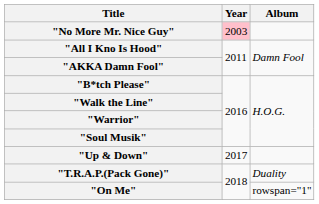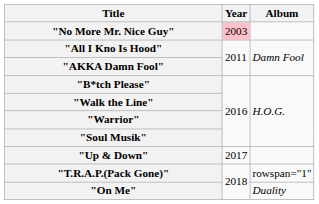 <table class="wikitable plainrowheaders">
 <tr>
 <th scope="col" style="width:19em;">Title</th>
 <th scope="col">Year</th>
 <th scope="col">Album</th>
 </tr>
 <tr>
 <th scope="row">"No More Mr. Nice Guy"</th>
 <td style="background: pink;">2003</td>
 <td></td>
 </tr>
 <tr>
 <th scope="row">"All I Kno Is Hood"</th>
 <td rowspan="2">2011</td>
 <td rowspan="2"><em>Damn Fool</em></td>
 </tr>
 <tr>
 <th scope="row">"AKKA Damn Fool"</th>
 </tr>
 <tr>
 <th scope="row">"B*tch Please"</th>
 <td rowspan="4">2016</td>
 <td rowspan="4"><em>H.O.G.</em></td>
 </tr>
 <tr>
 <th scope="row">"Walk the Line"</th>
 </tr>
 <tr>
 <th scope="row">"Warrior"</th>
 </tr>
 <tr>
 <th scope="row">"Soul Musik"</th>
 </tr>
 <tr>
 <th scope="row">"Up & Down"<br></th>
 <td>2017</td>
 <td></td>
 </tr>
 <tr>
 <th scope="row">"T.R.A.P.(Pack Gone)"<br></th>
 <td rowspan="2">2018</td>
-<td><em>Duality</em></td>
+<td>rowspan="1" </td>
 </tr>
 <tr>
 <th scope="row">"On Me"<br></th>
-<td>rowspan="1" </td>
+<td><em>Duality</em></td>
 </tr>
 </table>
